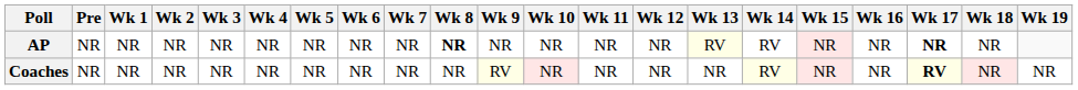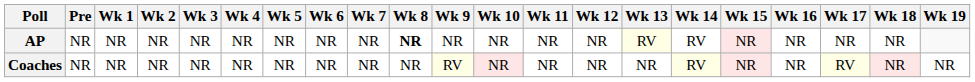 <table class="wikitable" style="white-space:nowrap;text-align:center;">
 <tr>
 <th>Poll</th>
 <th>Pre</th>
 <th>Wk 1</th>
 <th>Wk 2</th>
 <th>Wk 3</th>
 <th>Wk 4</th>
 <th>Wk 5</th>
 <th>Wk 6</th>
 <th>Wk 7</th>
 <th>Wk 8</th>
 <th>Wk 9</th>
 <th>Wk 10</th>
 <th>Wk 11</th>
 <th>Wk 12</th>
 <th>Wk 13</th>
 <th>Wk 14</th>
 <th>Wk 15</th>
 <th>Wk 16</th>
 <th>Wk 17</th>
 <th>Wk 18</th>
 <th>Wk 19</th>
 </tr>
 <tr>
 <th>AP</th>
 <td style="background:#FFFFFF;">NR</td>
 <td style="background:#FFFFFF;">NR</td>
 <td style="background:#FFFFFF;">NR</td>
 <td style="background:#FFFFFF;">NR</td>
 <td style="background:#FFFFFF;">NR</td>
 <td style="background:#FFFFFF;">NR</td>
 <td style="background:#FFFFFF;">NR</td>
 <td style="background:#FFFFFF;">NR</td>
 <td style="background:#FFFFFF;"><strong>NR</strong></td>
 <td style="background:#FFFFFF;">NR</td>
 <td style="background:#FFFFFF;">NR</td>
 <td style="background:#FFFFFF;">NR</td>
 <td style="background:#FFFFFF;">NR</td>
 <td style="background:#FFFFE6;">RV</td>
 <td style="background:#FFFFFF;">RV</td>
 <td style="background:#FFE6E6;">NR</td>
 <td style="background:#FFFFFF;">NR</td>
-<td style="background:#FFFFFF;"><strong>NR</strong></td>
+<td style="background:#FFFFFF;">NR</td>
 <td style="background:#FFFFFF;">NR</td>
 </tr>
 <tr>
 <th>Coaches</th>
 <td style="background:#FFFFFF;">NR</td>
 <td style="background:#FFFFFF;">NR</td>
 <td style="background:#FFFFFF;">NR</td>
 <td style="background:#FFFFFF;">NR</td>
 <td style="background:#FFFFFF;">NR</td>
 <td style="background:#FFFFFF;">NR</td>
 <td style="background:#FFFFFF;">NR</td>
 <td style="background:#FFFFFF;">NR</td>
 <td style="background:#FFFFFF;">NR</td>
 <td style="background:#FFFFE6;">RV</td>
 <td style="background:#FFE6E6;">NR</td>
 <td style="background:#FFFFFF;">NR</td>
 <td style="background:#FFFFFF;">NR</td>
 <td style="background:#FFFFFF;">NR</td>
 <td style="background:#FFFFE6;">RV</td>
 <td style="background:#FFE6E6;">NR</td>
 <td style="background:#FFFFFF;">NR</td>
-<td style="background:#FFFFE6;"><strong>RV</strong></td>
+<td style="background:#FFFFE6;">RV</td>
 <td style="background:#FFE6E6;">NR</td>
 <td style="background:#FFFFFF;">NR</td>
 </tr>
 </table>
